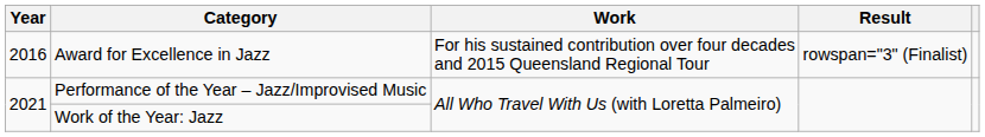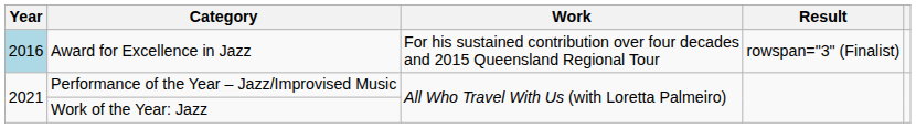 <table class="wikitable">
 <tr>
 <th>Year</th>
 <th>Category</th>
 <th>Work</th>
 <th>Result</th>
 <th></th>
 </tr>
 <tr>
-<td>2016</td>
+<td style="background: lightblue;">2016</td>
 <td>Award for Excellence in Jazz</td>
 <td>For his sustained contribution over four decades <br>and 2015 Queensland Regional Tour</td>
 <td>rowspan="3" (Finalist)</td>
 <td></td>
 </tr>
 <tr>
 <td rowspan="2">2021</td>
 <td>Performance of the Year – Jazz/Improvised Music</td>
 <td rowspan="2"><em>All Who Travel With Us</em> (with Loretta Palmeiro)</td>
 <td rowspan="2"></td>
 </tr>
 <tr>
 <td>Work of the Year: Jazz</td>
 </tr>
 </table>
